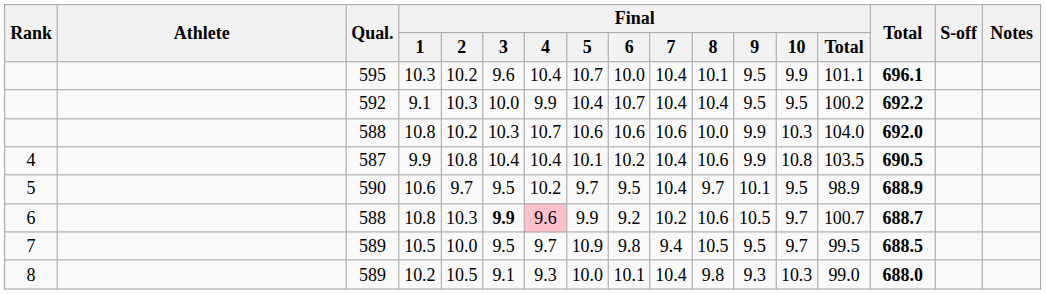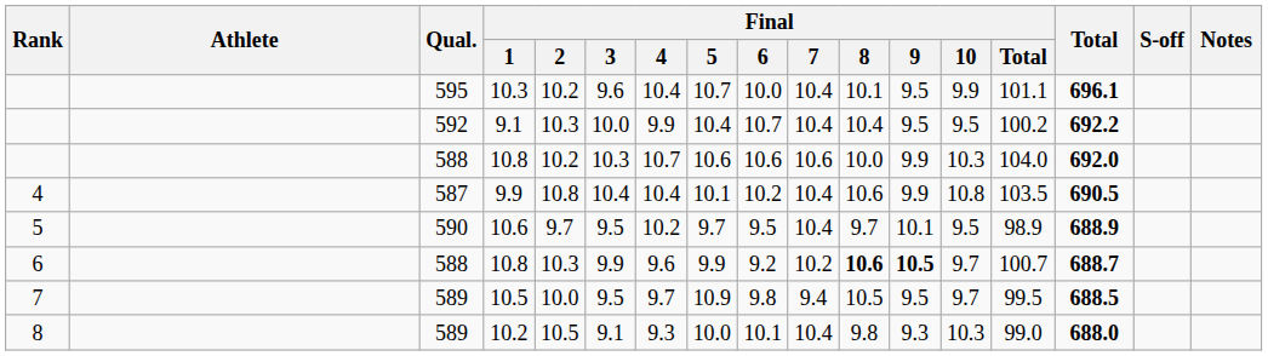 <table class="wikitable" style="text-align:center">
 <tr>
 <th rowspan=2 width=40>Rank</th>
 <th rowspan=2 width=250>Athlete</th>
 <th rowspan=2 width=40>Qual.</th>
 <th colspan=11>Final</th>
 <th rowspan=2 width=50>Total</th>
 <th rowspan=2 width=35>S-off</th>
 <th rowspan=2 width=45>Notes</th>
 </tr>
 <tr>
 <th width=30>1</th>
 <th width=30>2</th>
 <th width=30>3</th>
 <th width=30>4</th>
 <th width=30>5</th>
 <th width=30>6</th>
 <th width=30>7</th>
 <th width=30>8</th>
 <th width=30>9</th>
 <th width=30>10</th>
 <th width=40>Total</th>
 </tr>
 <tr>
 <td></td>
 <td align=left></td>
 <td>595</td>
 <td>10.3</td>
 <td>10.2</td>
 <td>9.6</td>
 <td>10.4</td>
 <td>10.7</td>
 <td>10.0</td>
 <td>10.4</td>
 <td>10.1</td>
 <td>9.5</td>
 <td>9.9</td>
 <td>101.1</td>
 <td><strong>696.1</strong></td>
 <td></td>
 <td></td>
 </tr>
 <tr>
 <td></td>
 <td align=left></td>
 <td>592</td>
 <td>9.1</td>
 <td>10.3</td>
 <td>10.0</td>
 <td>9.9</td>
 <td>10.4</td>
 <td>10.7</td>
 <td>10.4</td>
 <td>10.4</td>
 <td>9.5</td>
 <td>9.5</td>
 <td>100.2</td>
 <td><strong>692.2</strong></td>
 <td></td>
 <td></td>
 </tr>
 <tr>
 <td></td>
 <td align=left></td>
 <td>588</td>
 <td>10.8</td>
 <td>10.2</td>
 <td>10.3</td>
 <td>10.7</td>
 <td>10.6</td>
 <td>10.6</td>
 <td>10.6</td>
 <td>10.0</td>
 <td>9.9</td>
 <td>10.3</td>
 <td>104.0</td>
 <td><strong>692.0</strong></td>
 <td></td>
 <td></td>
 </tr>
 <tr>
 <td>4</td>
 <td align=left></td>
 <td>587</td>
 <td>9.9</td>
 <td>10.8</td>
 <td>10.4</td>
 <td>10.4</td>
 <td>10.1</td>
 <td>10.2</td>
 <td>10.4</td>
 <td>10.6</td>
 <td>9.9</td>
 <td>10.8</td>
 <td>103.5</td>
 <td><strong>690.5</strong></td>
 <td></td>
 <td></td>
 </tr>
 <tr>
 <td>5</td>
 <td align=left></td>
 <td>590</td>
 <td>10.6</td>
 <td>9.7</td>
 <td>9.5</td>
 <td>10.2</td>
 <td>9.7</td>
 <td>9.5</td>
 <td>10.4</td>
 <td>9.7</td>
 <td>10.1</td>
 <td>9.5</td>
 <td>98.9</td>
 <td><strong>688.9</strong></td>
 <td></td>
 <td></td>
 </tr>
 <tr>
 <td>6</td>
 <td align=left></td>
 <td>588</td>
 <td>10.8</td>
 <td>10.3</td>
-<td><strong>9.9</strong></td>
-<td style="background: pink;">9.6</td>
+<td>9.9</td>
+<td>9.6</td>
 <td>9.9</td>
 <td>9.2</td>
 <td>10.2</td>
-<td>10.6</td>
-<td>10.5</td>
+<td><strong>10.6</strong></td>
+<td><strong>10.5</strong></td>
 <td>9.7</td>
 <td>100.7</td>
 <td><strong>688.7</strong></td>
 <td></td>
 <td></td>
 </tr>
 <tr>
 <td>7</td>
 <td align=left></td>
 <td>589</td>
 <td>10.5</td>
 <td>10.0</td>
 <td>9.5</td>
 <td>9.7</td>
 <td>10.9</td>
 <td>9.8</td>
 <td>9.4</td>
 <td>10.5</td>
 <td>9.5</td>
 <td>9.7</td>
 <td>99.5</td>
 <td><strong>688.5</strong></td>
 <td></td>
 <td></td>
 </tr>
 <tr>
 <td>8</td>
 <td align=left></td>
 <td>589</td>
 <td>10.2</td>
 <td>10.5</td>
 <td>9.1</td>
 <td>9.3</td>
 <td>10.0</td>
 <td>10.1</td>
 <td>10.4</td>
 <td>9.8</td>
 <td>9.3</td>
 <td>10.3</td>
 <td>99.0</td>
 <td><strong>688.0</strong></td>
 <td></td>
 <td></td>
 </tr>
 </table>
